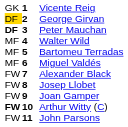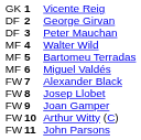 <table style="font-size: 90%" cellspacing="0" cellpadding="0" align=center>
 <tr>
 <td colspan="4"></td>
 </tr>
 <tr>
 <th width=25></th>
 <th width=25></th>
 </tr>
 <tr>
 <td>GK</td>
 <td><strong>1</strong></td>
 <td> <a href='#'>Vicente Reig</a></td>
 </tr>
 <tr>
-<td style="background: gold;">DF</td>
+<td>DF</td>
 <td><strong>2</strong></td>
 <td> <a href='#'>George Girvan</a></td>
 </tr>
 <tr>
-<td><strong>DF</strong></td>
+<td>DF</td>
 <td><strong>3</strong></td>
 <td> <a href='#'>Peter Mauchan</a></td>
 </tr>
 <tr>
 <td>MF</td>
 <td><strong>4</strong></td>
 <td> <a href='#'>Walter Wild</a></td>
 </tr>
 <tr>
 <td>MF</td>
 <td><strong>5</strong></td>
 <td> <a href='#'>Bartomeu Terradas</a></td>
 </tr>
 <tr>
 <td>MF</td>
 <td><strong>6</strong></td>
 <td> <a href='#'>Miguel Valdés</a></td>
 </tr>
 <tr>
 <td>FW</td>
 <td><strong>7</strong></td>
 <td> <a href='#'>Alexander Black</a></td>
 </tr>
 <tr>
 <td>FW</td>
 <td><strong>8</strong></td>
 <td> <a href='#'>Josep Llobet</a></td>
 </tr>
 <tr>
 <td>FW</td>
 <td><strong>9</strong></td>
 <td> <a href='#'>Joan Gamper</a></td>
 </tr>
 <tr>
-<td><strong>FW</strong></td>
+<td>FW</td>
 <td><strong>10</strong></td>
 <td> <a href='#'>Arthur Witty</a> (<a href='#'>C</a>)</td>
 </tr>
 <tr>
 <td>FW</td>
 <td><strong>11</strong></td>
 <td> <a href='#'>John Parsons</a></td>
 </tr>
 <tr>
 </tr>
 </table>
